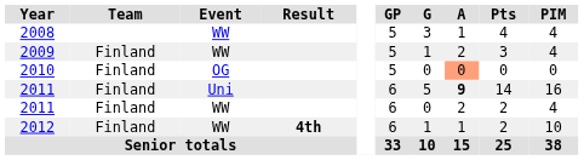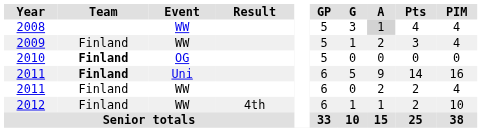 <table border="0" cellpadding="1" cellspacing="0" style="text-align:center; width:40em">
 <tr ALIGN="centre" bgcolor="#e0e0e0">
 <th>Year</th>
 <th>Team</th>
 <th>Event</th>
 <th>Result</th>
 <th rowspan="99" bgcolor="#ffffff"> </th>
 <th>GP</th>
 <th>G</th>
 <th>A</th>
 <th>Pts</th>
 <th>PIM</th>
 </tr>
 <tr>
 <td><a href='#'>2008</a></td>
 <td></td>
 <td><a href='#'>WW</a></td>
 <td></td>
 <td>5</td>
 <td>3</td>
-<td>1</td>
+<td style="background: lightgrey;">1</td>
 <td>4</td>
 <td>4</td>
 </tr>
 <tr bgcolor="#f0f0f0">
 <td><a href='#'>2009</a></td>
 <td>Finland</td>
 <td>WW</td>
 <td></td>
 <td>5</td>
 <td>1</td>
 <td>2</td>
 <td>3</td>
 <td>4</td>
 </tr>
 <tr>
 <td><a href='#'>2010</a></td>
-<td>Finland</td>
+<td><strong>Finland</strong></td>
 <td><a href='#'>OG</a></td>
 <td></td>
 <td>5</td>
 <td>0</td>
-<td style="background: lightsalmon;">0</td>
+<td>0</td>
 <td>0</td>
 <td>0</td>
 </tr>
 <tr bgcolor="#f0f0f0">
 <td><a href='#'>2011</a></td>
-<td>Finland</td>
+<td><strong>Finland</strong></td>
 <td><a href='#'>Uni</a></td>
 <td></td>
 <td>6</td>
 <td>5</td>
-<td><strong>9</strong></td>
+<td>9</td>
 <td>14</td>
 <td>16</td>
 </tr>
 <tr>
 <td><a href='#'>2011</a></td>
 <td>Finland</td>
 <td>WW</td>
 <td></td>
 <td>6</td>
 <td>0</td>
 <td>2</td>
 <td>2</td>
 <td>4</td>
 </tr>
 <tr bgcolor="#f0f0f0">
 <td><a href='#'>2012</a></td>
 <td>Finland</td>
 <td>WW</td>
-<td><strong>4th</strong></td>
+<td>4th</td>
 <td>6</td>
 <td>1</td>
 <td>1</td>
 <td>2</td>
 <td>10</td>
 </tr>
 <tr ALIGN="centre" bgcolor="#e0e0e0">
 <th colspan=4>Senior totals</th>
 <th>33</th>
 <th>10</th>
 <th>15</th>
 <th>25</th>
 <th>38</th>
 </tr>
 </table>
